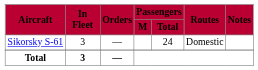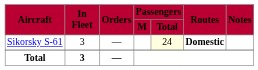 <table class="toccolours" border="1" cellpadding="3" style="border-collapse:collapse;text-align:center;margin: 1em auto;">
 <tr style="background:#ba0032;">
 <th rowspan=2><span>Aircraft</span></th>
 <th rowspan=2 style="width:50px;"><span>In Fleet</span></th>
 <th rowspan=2 style="width:25px;"><span>Orders</span></th>
 <th colspan=2><span>Passengers</span></th>
 <th rowspan=2><span>Routes</span></th>
 <th rowspan=2><span>Notes</span></th>
 </tr>
 <tr style="background:#ba0032;">
 <th><abbr><span>M</span></abbr></th>
 <th><span>Total</span></th>
 </tr>
 <tr>
 <td><a href='#'>Sikorsky S-61</a></td>
 <td>3</td>
 <td>—</td>
 <td></td>
-<td>24</td>
-<td>Domestic</td>
+<td style="background: lightyellow;">24</td>
+<td><strong>Domestic</strong></td>
 <td></td>
 </tr>
 <tr>
 </tr>
 <tr>
 <th><strong>Total</strong></th>
 <th><strong>3</strong></th>
 <th><strong>—</strong></th>
 <th colspan="5"></th>
 </tr>
 </table>
